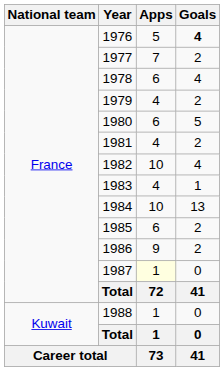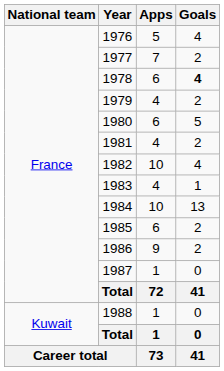 <table class="wikitable" style="text-align:center">
 <tr>
 <th>National team</th>
 <th>Year</th>
 <th>Apps</th>
 <th>Goals</th>
 </tr>
 <tr>
 <td rowspan="13"><a href='#'>France</a></td>
 <td>1976</td>
 <td>5</td>
-<td><strong>4</strong></td>
+<td>4</td>
 </tr>
 <tr>
 <td>1977</td>
 <td>7</td>
 <td>2</td>
 </tr>
 <tr>
 <td>1978</td>
 <td>6</td>
-<td>4</td>
+<td><strong>4</strong></td>
 </tr>
 <tr>
 <td>1979</td>
 <td>4</td>
 <td>2</td>
 </tr>
 <tr>
 <td>1980</td>
 <td>6</td>
 <td>5</td>
 </tr>
 <tr>
 <td>1981</td>
 <td>4</td>
 <td>2</td>
 </tr>
 <tr>
 <td>1982</td>
 <td>10</td>
 <td>4</td>
 </tr>
 <tr>
 <td>1983</td>
 <td>4</td>
 <td>1</td>
 </tr>
 <tr>
 <td>1984</td>
 <td>10</td>
 <td>13</td>
 </tr>
 <tr>
 <td>1985</td>
 <td>6</td>
 <td>2</td>
 </tr>
 <tr>
 <td>1986</td>
 <td>9</td>
 <td>2</td>
 </tr>
 <tr>
 <td>1987</td>
-<td style="background: lightyellow;">1</td>
+<td>1</td>
 <td>0</td>
 </tr>
 <tr>
 <th>Total</th>
 <th>72</th>
 <th>41</th>
 </tr>
 <tr>
 <td rowspan="2"><a href='#'>Kuwait</a></td>
 <td>1988</td>
 <td>1</td>
 <td>0</td>
 </tr>
 <tr>
 <th>Total</th>
 <th>1</th>
 <th>0</th>
 </tr>
 <tr>
 <th colspan="2">Career total</th>
 <th>73</th>
 <th>41</th>
 </tr>
 </table>
